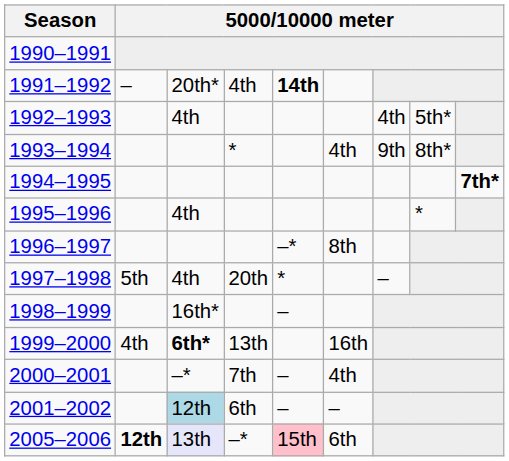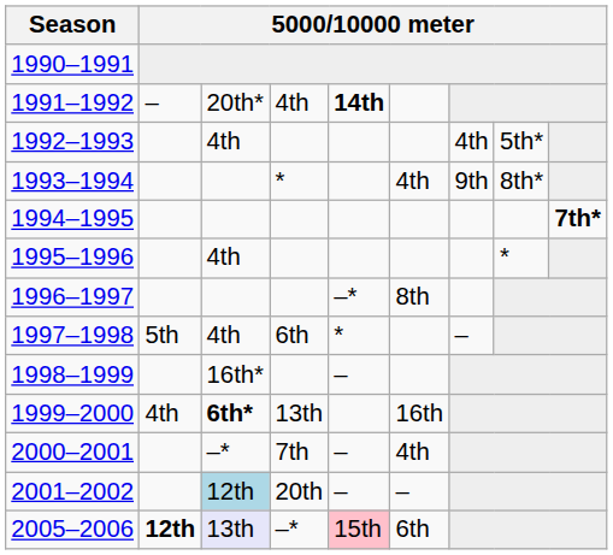 <table class="wikitable" style="display: inline-table">
 <tr>
 <th>Season</th>
 <th colspan="8">5000/10000 meter</th>
 </tr>
 <tr>
 <td><a href='#'>1990–1991</a></td>
 <td colspan="9" bgcolor=#EEEEEE></td>
 </tr>
 <tr>
 <td><a href='#'>1991–1992</a></td>
 <td>–</td>
 <td>20th*</td>
 <td>4th</td>
 <td><strong>14th</strong></td>
 <td></td>
 <td colspan="3" bgcolor=#EEEEEE></td>
 </tr>
 <tr>
 <td><a href='#'>1992–1993</a></td>
 <td></td>
 <td>4th</td>
 <td></td>
 <td></td>
 <td></td>
 <td>4th</td>
 <td>5th*</td>
 <td colspan="1" bgcolor=#EEEEEE></td>
 </tr>
 <tr>
 <td><a href='#'>1993–1994</a></td>
 <td></td>
 <td></td>
 <td>*</td>
 <td></td>
 <td>4th</td>
 <td>9th</td>
 <td>8th*</td>
 <td colspan="1" bgcolor=#EEEEEE></td>
 </tr>
 <tr>
 <td><a href='#'>1994–1995</a></td>
 <td></td>
 <td></td>
 <td></td>
 <td></td>
 <td></td>
 <td></td>
 <td></td>
 <td><strong>7th*</strong></td>
 </tr>
 <tr>
 <td><a href='#'>1995–1996</a></td>
 <td></td>
 <td>4th</td>
 <td></td>
 <td></td>
 <td></td>
 <td></td>
 <td>*</td>
 <td colspan="1" bgcolor=#EEEEEE></td>
 </tr>
 <tr>
 <td><a href='#'>1996–1997</a></td>
 <td></td>
 <td></td>
 <td></td>
 <td>–*</td>
 <td>8th</td>
 <td></td>
 <td colspan="2" bgcolor=#EEEEEE></td>
 </tr>
 <tr>
 <td><a href='#'>1997–1998</a></td>
 <td>5th</td>
 <td>4th</td>
-<td>20th</td>
+<td>6th</td>
 <td>*</td>
 <td></td>
 <td>–</td>
 <td colspan="2" bgcolor=#EEEEEE></td>
 </tr>
 <tr>
 <td><a href='#'>1998–1999</a></td>
 <td></td>
 <td>16th*</td>
 <td></td>
 <td>–</td>
 <td></td>
 <td colspan="3" bgcolor=#EEEEEE></td>
 </tr>
 <tr>
 <td><a href='#'>1999–2000</a></td>
 <td>4th</td>
 <td><strong>6th*</strong></td>
 <td>13th</td>
 <td></td>
 <td>16th</td>
 <td colspan="3" bgcolor=#EEEEEE></td>
 </tr>
 <tr>
 <td><a href='#'>2000–2001</a></td>
 <td></td>
 <td>–*</td>
 <td>7th</td>
 <td>–</td>
 <td>4th</td>
 <td colspan="3" bgcolor=#EEEEEE></td>
 </tr>
 <tr>
 <td><a href='#'>2001–2002</a></td>
 <td></td>
 <td style="background: lightblue;">12th</td>
-<td>6th</td>
+<td>20th</td>
 <td>–</td>
 <td>–</td>
 <td colspan="3" bgcolor=#EEEEEE></td>
 </tr>
 <tr>
 <td><a href='#'>2005–2006</a></td>
 <td><strong>12th</strong></td>
 <td style="background: lavender;">13th</td>
 <td>–*</td>
 <td style="background: pink;">15th</td>
 <td>6th</td>
 <td colspan="3" bgcolor=#EEEEEE></td>
 </tr>
 </table>
